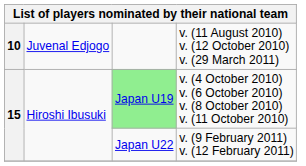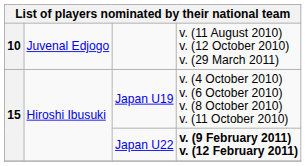 <table class="wikitable collapsible collapsed" style="font-size: 85%">
 <tr>
 <th colspan="4">List of players nominated by their national team</th>
 </tr>
 <tr>
 <th>10</th>
 <td><a href='#'>Juvenal Edjogo</a></td>
 <td></td>
 <td>v.  (11 August 2010)<br>v.  (12 October 2010)<br>v.  (29 March 2011)</td>
 </tr>
 <tr>
 <th rowspan="2">15</th>
 <td rowspan="2"><a href='#'>Hiroshi Ibusuki</a></td>
-<td style="background: lightgreen;"> <a href='#'>Japan U19</a></td>
+<td> <a href='#'>Japan U19</a></td>
 <td>v.  (4 October 2010)<br>v.  (6 October 2010)<br>v.  (8 October 2010)<br>v.  (11 October 2010)</td>
 </tr>
 <tr>
 <td> <a href='#'>Japan U22</a></td>
-<td>v.  (9 February 2011)<br>v.  (12 February 2011)</td>
+<td><strong>v.  (9 February 2011)<br>v.  (12 February 2011)</strong></td>
 </tr>
 <tr>
 </tr>
 </table>
